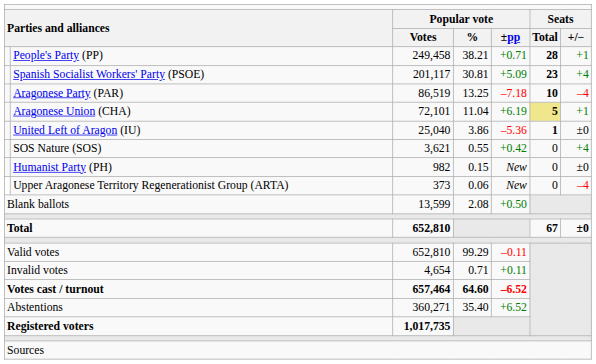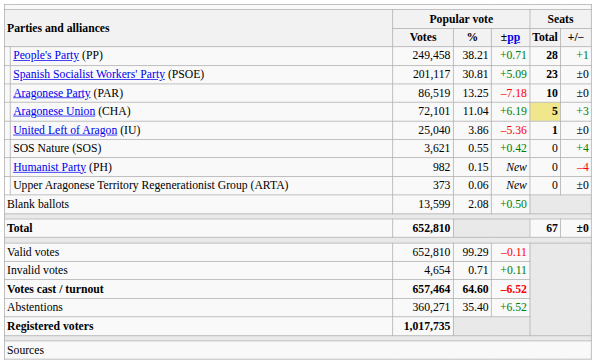 <table class="wikitable" style="text-align:right;">
 <tr>
 <td colspan="7"></td>
 </tr>
 <tr>
 <th style="text-align:left;" rowspan="2" colspan="2" width="525">Parties and alliances</th>
 <th colspan="3">Popular vote</th>
 <th colspan="2">Seats</th>
 </tr>
 <tr>
 <th width="75">Votes</th>
 <th width="45">%</th>
 <th width="45">±<a href='#'>pp</a></th>
 <th width="35">Total</th>
 <th width="35">+/−</th>
 </tr>
 <tr>
 <td width="1" style="color:inherit;background:"></td>
 <td align="left"><a href='#'>People's Party</a> (PP)</td>
 <td>249,458</td>
 <td>38.21</td>
 <td style="color:green;">+0.71</td>
 <td><strong>28</strong></td>
 <td style="color:green;">+1</td>
 </tr>
 <tr>
 <td style="color:inherit;background:"></td>
 <td align="left"><a href='#'>Spanish Socialist Workers' Party</a> (PSOE)</td>
 <td>201,117</td>
 <td>30.81</td>
 <td style="color:green;">+5.09</td>
 <td><strong>23</strong></td>
-<td style="color:green;">+4</td>
+<td>±0</td>
 </tr>
 <tr>
 <td style="color:inherit;background:"></td>
 <td align="left"><a href='#'>Aragonese Party</a> (PAR)</td>
 <td>86,519</td>
 <td>13.25</td>
 <td style="color:red;">–7.18</td>
 <td><strong>10</strong></td>
-<td style="color:red;">–4</td>
+<td>±0</td>
 </tr>
 <tr>
 <td style="color:inherit;background:"></td>
 <td align="left"><a href='#'>Aragonese Union</a> (CHA)</td>
 <td>72,101</td>
 <td>11.04</td>
 <td style="color:green;">+6.19</td>
 <td style="background: khaki;"><strong>5</strong></td>
-<td style="color:green;">+1</td>
+<td style="color:green;">+3</td>
 </tr>
 <tr>
 <td style="color:inherit;background:"></td>
 <td align="left"><a href='#'>United Left of Aragon</a> (IU)</td>
 <td>25,040</td>
 <td>3.86</td>
 <td style="color:red;">–5.36</td>
 <td><strong>1</strong></td>
 <td>±0</td>
 </tr>
 <tr>
 <td style="color:inherit;background:"></td>
 <td align="left">SOS Nature (SOS)</td>
 <td>3,621</td>
 <td>0.55</td>
 <td style="color:green;">+0.42</td>
 <td>0</td>
 <td style="color:green;">+4</td>
 </tr>
 <tr>
 <td style="color:inherit;background:"></td>
 <td align="left"><a href='#'>Humanist Party</a> (PH)</td>
 <td>982</td>
 <td>0.15</td>
 <td><em>New</em></td>
 <td>0</td>
-<td>±0</td>
+<td style="color:red;">–4</td>
 </tr>
 <tr>
 <td bgcolor="white"></td>
 <td align="left">Upper Aragonese Territory Regenerationist Group (ARTA)</td>
 <td>373</td>
 <td>0.06</td>
 <td><em>New</em></td>
 <td>0</td>
-<td style="color:red;">–4</td>
+<td>±0</td>
 </tr>
 <tr>
 <td align="left" colspan="2">Blank ballots</td>
 <td>13,599</td>
 <td>2.08</td>
 <td style="color:green;">+0.50</td>
 <td bgcolor="#E9E9E9" colspan="2"></td>
 </tr>
 <tr>
 <td colspan="7" bgcolor="#E9E9E9"></td>
 </tr>
 <tr style="font-weight:bold;">
 <td align="left" colspan="2">Total</td>
 <td>652,810</td>
 <td bgcolor="#E9E9E9" colspan="2"></td>
 <td>67</td>
 <td>±0</td>
 </tr>
 <tr>
 <td colspan="7" bgcolor="#E9E9E9"></td>
 </tr>
 <tr>
 <td align="left" colspan="2">Valid votes</td>
 <td>652,810</td>
 <td>99.29</td>
 <td style="color:red;">–0.11</td>
 <td bgcolor="#E9E9E9" colspan="2" rowspan="5"></td>
 </tr>
 <tr>
 <td align="left" colspan="2">Invalid votes</td>
 <td>4,654</td>
 <td>0.71</td>
 <td style="color:green;">+0.11</td>
 </tr>
 <tr style="font-weight:bold;">
 <td align="left" colspan="2">Votes cast / turnout</td>
 <td>657,464</td>
 <td>64.60</td>
 <td style="color:red;">–6.52</td>
 </tr>
 <tr>
 <td align="left" colspan="2">Abstentions</td>
 <td>360,271</td>
 <td>35.40</td>
 <td style="color:green;">+6.52</td>
 </tr>
 <tr style="font-weight:bold;">
 <td align="left" colspan="2">Registered voters</td>
 <td>1,017,735</td>
 <td bgcolor="#E9E9E9" colspan="2"></td>
 </tr>
 <tr>
 <td colspan="7" bgcolor="#E9E9E9"></td>
 </tr>
 <tr>
 <td align="left" colspan="7">Sources</td>
 </tr>
 </table>
